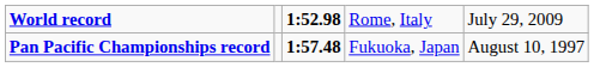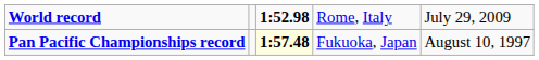 <table class="wikitable">
 <tr>
 <td><strong><a href='#'>World record</a></strong></td>
 <td></td>
 <td><strong>1:52.98</strong></td>
 <td><a href='#'>Rome</a>, <a href='#'>Italy</a></td>
 <td>July 29, 2009</td>
 </tr>
 <tr>
 <td><strong><a href='#'>Pan Pacific Championships record</a></strong></td>
 <td></td>
-<td><strong>1:57.48</strong></td>
+<td style="background: lightyellow;"><strong>1:57.48</strong></td>
 <td><a href='#'>Fukuoka</a>, <a href='#'>Japan</a></td>
 <td>August 10, 1997</td>
 </tr>
 </table>
